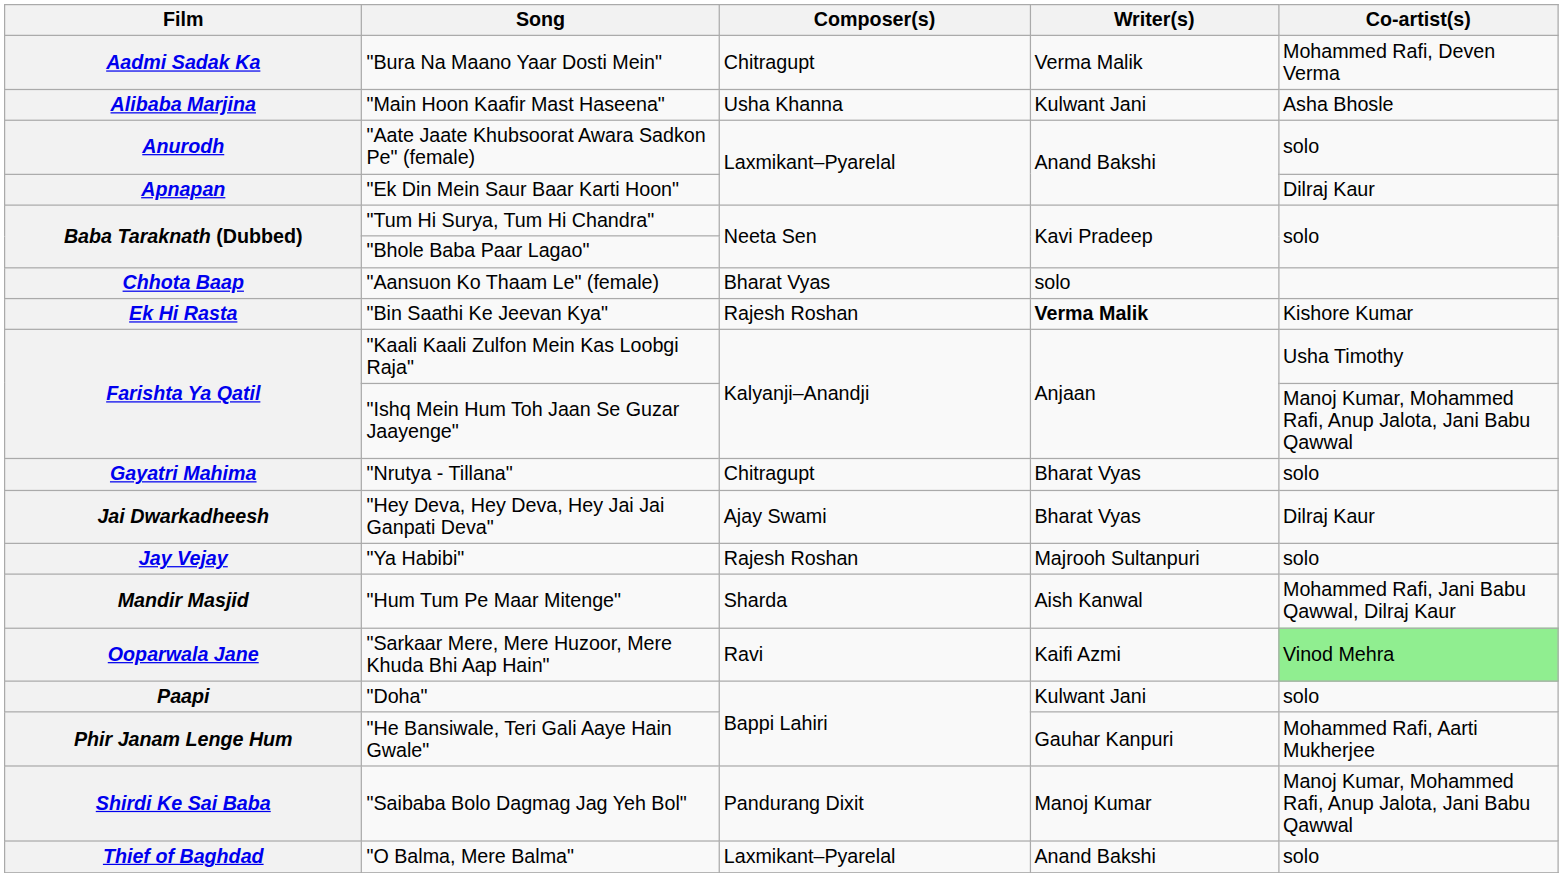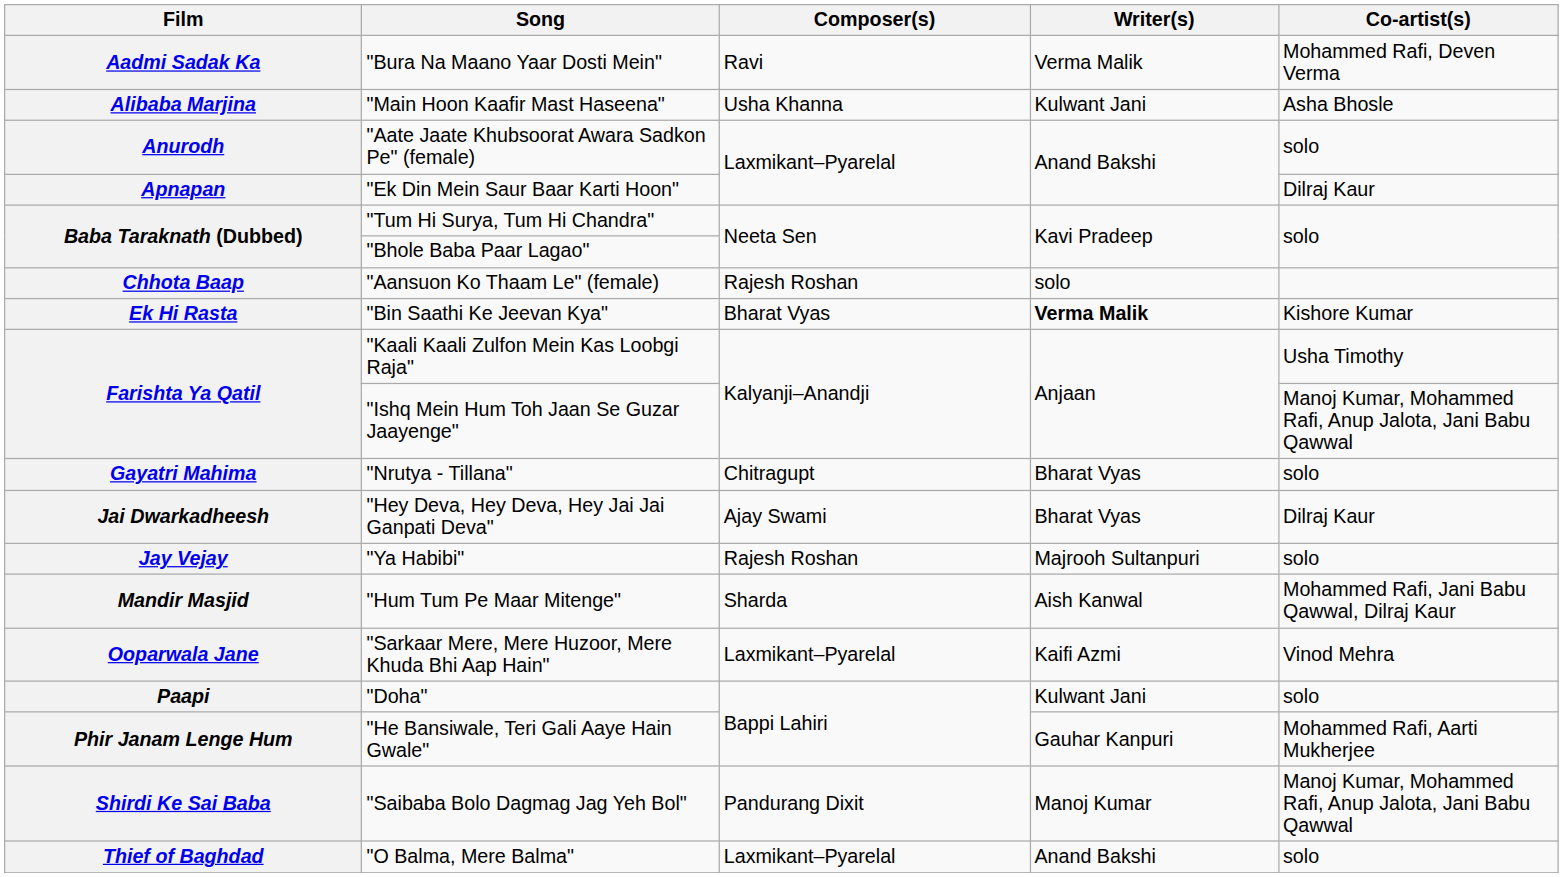 <table class="wikitable plainrowheaders" style="width:100%; textcolor:#000">
 <tr style="background:#b0e0e66;">
 <th scope="col" style="width:23%;"><strong>Film</strong></th>
 <th scope="col" style="width:23%;"><strong>Song</strong></th>
 <th scope="col" style="width:20%;"><strong>Composer(s)</strong></th>
 <th scope="col" style="width:16%;"><strong>Writer(s)</strong></th>
 <th scope="col" style="width:18%;"><strong>Co-artist(s)</strong></th>
 </tr>
 <tr>
 <th><em><a href='#'>Aadmi Sadak Ka</a></em></th>
 <td>"Bura Na Maano Yaar Dosti Mein"</td>
-<td>Chitragupt</td>
+<td>Ravi</td>
 <td>Verma Malik</td>
 <td>Mohammed Rafi, Deven Verma</td>
 </tr>
 <tr>
 <th><em><a href='#'>Alibaba Marjina</a></em></th>
 <td>"Main Hoon Kaafir Mast Haseena"</td>
 <td>Usha Khanna</td>
 <td>Kulwant Jani</td>
 <td>Asha Bhosle</td>
 </tr>
 <tr>
 <th><em><a href='#'>Anurodh</a></em></th>
 <td>"Aate Jaate Khubsoorat Awara Sadkon Pe" (female)</td>
 <td rowspan=2>Laxmikant–Pyarelal</td>
 <td rowspan=2>Anand Bakshi</td>
 <td>solo</td>
 </tr>
 <tr>
 <th Rowspan=1><em><a href='#'>Apnapan</a></em></th>
 <td>"Ek Din Mein Saur Baar Karti Hoon"</td>
 <td>Dilraj Kaur</td>
 </tr>
 <tr>
 <th rowspan=2><em>Baba Taraknath</em> (Dubbed)</th>
 <td>"Tum Hi Surya, Tum Hi Chandra"</td>
 <td rowspan=2>Neeta Sen</td>
 <td rowspan=2>Kavi Pradeep</td>
 <td rowspan=2>solo</td>
 </tr>
 <tr>
 <td>"Bhole Baba Paar Lagao"</td>
 </tr>
 <tr>
 <th><em><a href='#'>Chhota Baap</a></em></th>
 <td>"Aansuon Ko Thaam Le" (female)</td>
-<td>Bharat Vyas</td>
+<td>Rajesh Roshan</td>
 <td>solo</td>
 </tr>
 <tr>
 <th><em><a href='#'>Ek Hi Rasta</a></em></th>
 <td>"Bin Saathi Ke Jeevan Kya"</td>
-<td>Rajesh Roshan</td>
+<td>Bharat Vyas</td>
 <td><strong>Verma Malik</strong></td>
 <td>Kishore Kumar</td>
 </tr>
 <tr>
 <th Rowspan=2><em><a href='#'>Farishta Ya Qatil</a></em></th>
 <td>"Kaali Kaali Zulfon Mein Kas Loobgi Raja"</td>
 <td rowspan=2>Kalyanji–Anandji</td>
 <td Rowspan=2>Anjaan</td>
 <td>Usha Timothy</td>
 </tr>
 <tr>
 <td>"Ishq Mein Hum Toh Jaan Se Guzar Jaayenge"</td>
 <td>Manoj Kumar, Mohammed Rafi, Anup Jalota, Jani Babu Qawwal</td>
 </tr>
 <tr>
 <th><em><a href='#'>Gayatri Mahima</a></em></th>
 <td>"Nrutya - Tillana"</td>
 <td>Chitragupt</td>
 <td>Bharat Vyas</td>
 <td>solo</td>
 </tr>
 <tr>
 <th><em>Jai Dwarkadheesh</em></th>
 <td>"Hey Deva, Hey Deva, Hey Jai Jai Ganpati Deva"</td>
 <td>Ajay Swami</td>
 <td>Bharat Vyas</td>
 <td>Dilraj Kaur</td>
 </tr>
 <tr>
 <th><em><a href='#'>Jay Vejay</a></em></th>
 <td>"Ya Habibi"</td>
 <td>Rajesh Roshan</td>
 <td>Majrooh Sultanpuri</td>
 <td>solo</td>
 </tr>
 <tr>
 <th><em>Mandir Masjid</em></th>
 <td>"Hum Tum Pe Maar Mitenge"</td>
 <td>Sharda</td>
 <td>Aish Kanwal</td>
 <td>Mohammed Rafi, Jani Babu Qawwal, Dilraj Kaur</td>
 </tr>
 <tr>
 <th><em><a href='#'>Ooparwala Jane</a></em></th>
 <td>"Sarkaar Mere, Mere Huzoor, Mere Khuda Bhi Aap Hain"</td>
-<td>Ravi</td>
+<td>Laxmikant–Pyarelal</td>
 <td>Kaifi Azmi</td>
-<td style="background: lightgreen;">Vinod Mehra</td>
+<td>Vinod Mehra</td>
 </tr>
 <tr>
 <th><em>Paapi</em></th>
 <td>"Doha"</td>
 <td rowspan=2>Bappi Lahiri</td>
 <td>Kulwant Jani</td>
 <td>solo</td>
 </tr>
 <tr>
 <th><em>Phir Janam Lenge Hum</em></th>
 <td>"He Bansiwale, Teri Gali Aaye Hain Gwale"</td>
 <td>Gauhar Kanpuri</td>
 <td>Mohammed Rafi, Aarti Mukherjee</td>
 </tr>
 <tr>
 <th><em><a href='#'>Shirdi Ke Sai Baba</a></em></th>
 <td>"Saibaba Bolo Dagmag Jag Yeh Bol"</td>
 <td>Pandurang Dixit</td>
 <td>Manoj Kumar</td>
 <td>Manoj Kumar, Mohammed Rafi, Anup Jalota, Jani Babu Qawwal</td>
 </tr>
 <tr>
 <th><em><a href='#'>Thief of Baghdad</a></em></th>
 <td>"O Balma, Mere Balma"</td>
 <td>Laxmikant–Pyarelal</td>
 <td>Anand Bakshi</td>
 <td>solo</td>
 </tr>
 <tr>
 </tr>
 </table>
